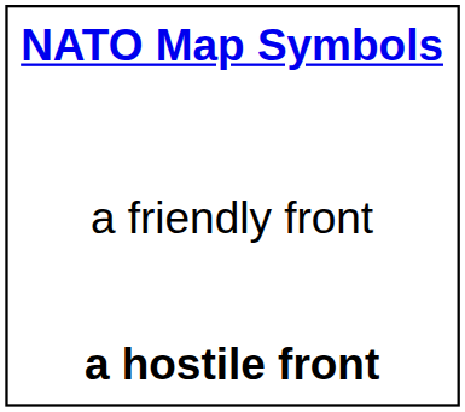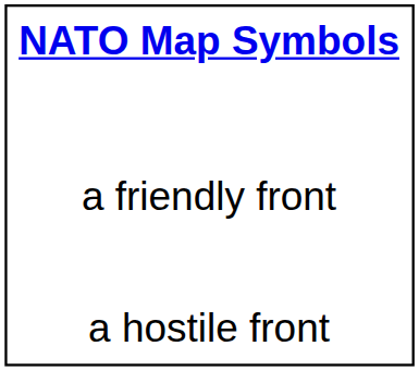 <table class="floatright" style="border:1px solid black; background:white;float: right;text-align: center" cellpadding="3">
 <tr>
 <th><a href='#'>NATO Map Symbols</a></th>
 </tr>
 <tr>
 <td></td>
 </tr>
 <tr>
 </tr>
 <tr>
 <td><br></td>
 </tr>
 <tr>
 <td>a friendly front</td>
 </tr>
 <tr>
 <td><br></td>
 </tr>
 <tr>
-<td><strong>a hostile front</strong></td>
+<td>a hostile front</td>
 </tr>
 </table>
